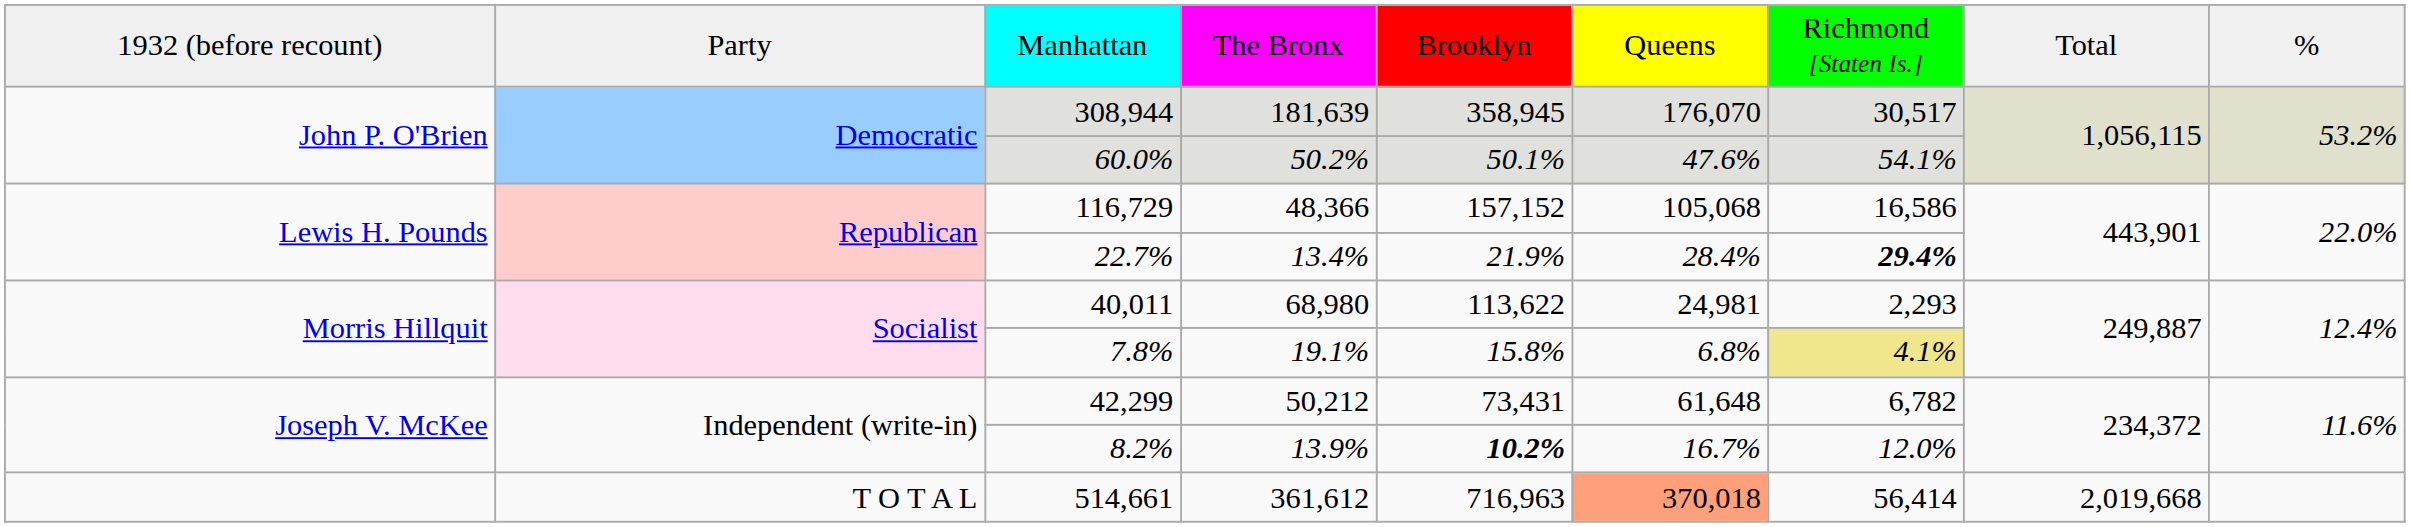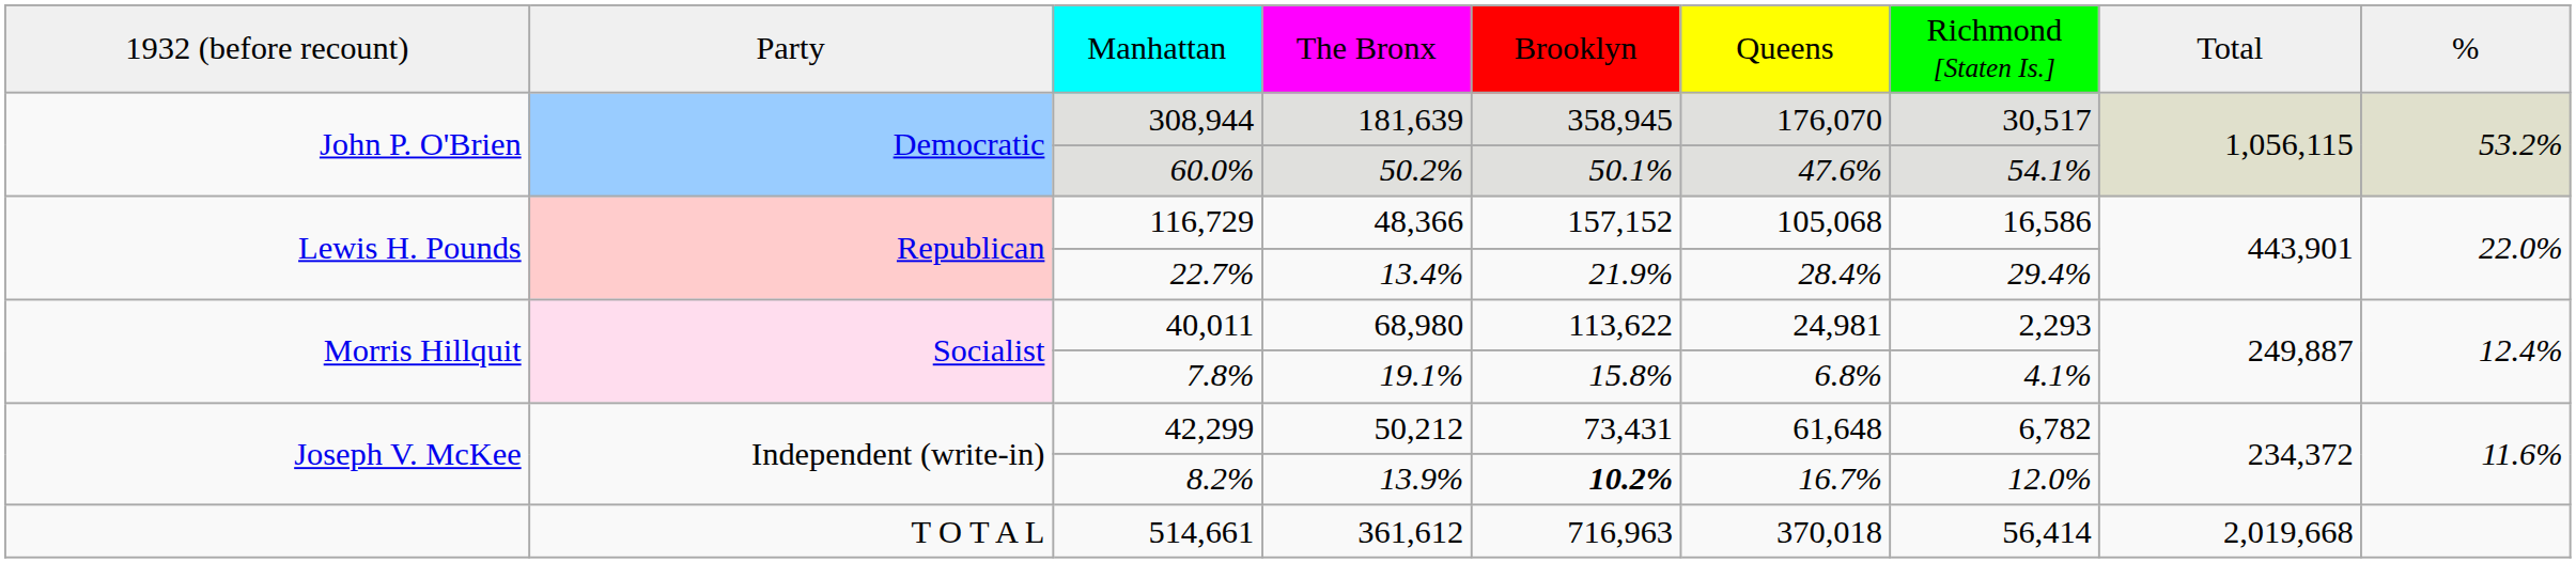 <table class="wikitable" style="width:100%; text-align:right;">
 <tr style="text-align:center;">
 <td style="width:20%; background:#f0f0f0;">1932 (before recount)</td>
 <td style="width:20%; background:#f0f0f0;">Party</td>
 <td style="width:8%; background:aqua;">Manhattan</td>
 <td style="width:8%; background:magenta;">The Bronx</td>
 <td style="width:8%; background:red;">Brooklyn</td>
 <td style="width:8%; background:yellow;">Queens</td>
 <td style="width:8%; background:lime;">Richmond <small><em>[Staten Is.]</em></small></td>
 <td style="width:10%; background:#f0f0f0;">Total</td>
 <td style="width:8%; background:#f0f0f0;">%</td>
 </tr>
 <tr>
 <td rowspan="2"><a href='#'>John P. O'Brien</a></td>
 <td rowspan="2" style="background:#9cf;"><a href='#'>Democratic</a></td>
 <td style="background:#e0e0dd;">308,944</td>
 <td style="background:#e0e0dd;">181,639</td>
 <td style="background:#e0e0dd;">358,945</td>
 <td style="background:#e0e0dd;">176,070</td>
 <td style="background:#e0e0dd;">30,517</td>
 <td rowspan="2" style="background:#e0e0cc;">1,056,115</td>
 <td rowspan="2" style="background:#e0e0cc;"><em>53.2%</em></td>
 </tr>
 <tr style="background:#e0e0dd;">
 <td><em>60.0%</em></td>
 <td style="background:#e0e0dd;"><em>50.2%</em></td>
 <td style="background:#e0e0dd;"><em>50.1%</em></td>
 <td style="background:#e0e0dd;"><em>47.6%</em></td>
 <td style="background:#e0e0dd;"><em>54.1%</em></td>
 </tr>
 <tr>
 <td rowspan="2"><a href='#'>Lewis H. Pounds</a></td>
 <td rowspan="2" style="background:#fcc;"><a href='#'>Republican</a></td>
 <td>116,729</td>
 <td>48,366</td>
 <td>157,152</td>
 <td>105,068</td>
 <td>16,586</td>
 <td rowspan="2">443,901</td>
 <td rowspan="2"><em>22.0%</em></td>
 </tr>
 <tr>
 <td><em>22.7%</em></td>
 <td><em>13.4%</em></td>
 <td><em>21.9%</em></td>
 <td><em>28.4%</em></td>
-<td><strong><em>29.4%</em></strong></td>
+<td><em>29.4%</em></td>
 </tr>
 <tr>
 <td rowspan="2"><a href='#'>Morris Hillquit</a></td>
 <td rowspan="2" style="background:#fde;"><a href='#'>Socialist</a></td>
 <td>40,011</td>
 <td>68,980</td>
 <td>113,622</td>
 <td>24,981</td>
 <td>2,293</td>
 <td rowspan="2">249,887</td>
 <td rowspan="2"><em>12.4%</em></td>
 </tr>
 <tr>
 <td><em>7.8%</em></td>
 <td><em>19.1%</em></td>
 <td><em>15.8%</em></td>
 <td><em>6.8%</em></td>
-<td style="background: khaki;"><em>4.1%</em></td>
+<td><em>4.1%</em></td>
 </tr>
 <tr>
 <td rowspan="2"><a href='#'>Joseph V. McKee</a></td>
 <td rowspan="2">Independent (write-in)</td>
 <td>42,299</td>
 <td>50,212</td>
 <td>73,431</td>
 <td>61,648</td>
 <td>6,782</td>
 <td rowspan="2">234,372</td>
 <td rowspan="2"><em>11.6%</em></td>
 </tr>
 <tr>
 <td><em>8.2%</em></td>
 <td><em>13.9%</em></td>
 <td><strong><em>10.2%</em></strong></td>
 <td><em>16.7%</em></td>
 <td><em>12.0%</em></td>
 </tr>
 <tr>
 <td></td>
 <td>T O T A L</td>
 <td>514,661</td>
 <td>361,612</td>
 <td>716,963</td>
-<td style="background: lightsalmon;">370,018</td>
+<td>370,018</td>
 <td>56,414</td>
 <td>2,019,668</td>
 <td></td>
 </tr>
 </table>
